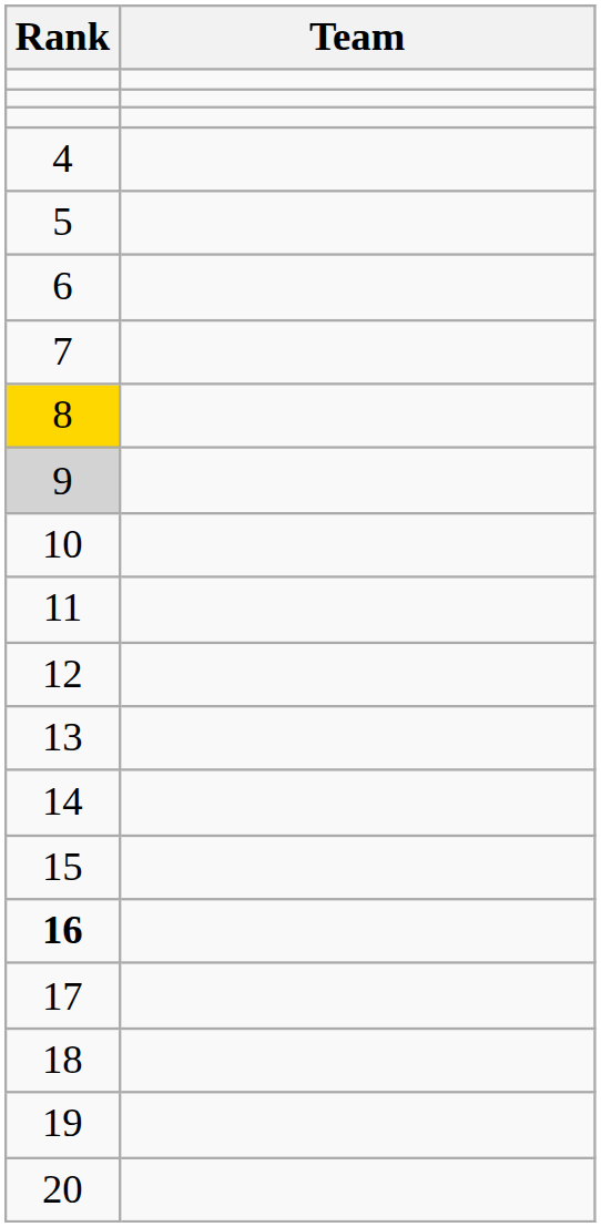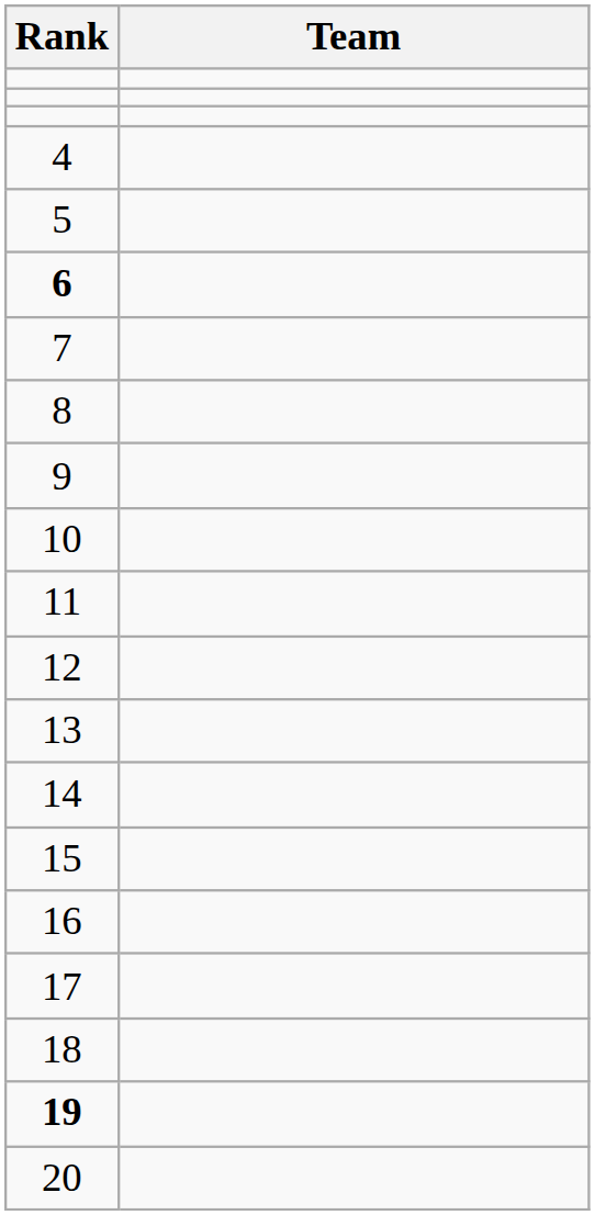 <table class=wikitable style="text-align:center;">
 <tr>
 <th>Rank</th>
 <th width=180>Team</th>
 </tr>
 <tr>
 <td></td>
 <td align=left></td>
 </tr>
 <tr>
 <td></td>
 <td align=left></td>
 </tr>
 <tr>
 <td></td>
 <td align=left></td>
 </tr>
 <tr>
 <td>4</td>
 <td align=left></td>
 </tr>
 <tr>
 <td>5</td>
 <td align=left></td>
 </tr>
 <tr>
-<td>6</td>
+<td><strong>6</strong></td>
 <td align=left></td>
 </tr>
 <tr>
 <td>7</td>
 <td align=left></td>
 </tr>
 <tr>
-<td style="background: gold;">8</td>
+<td>8</td>
 <td align=left></td>
 </tr>
 <tr>
-<td style="background: lightgrey;">9</td>
+<td>9</td>
 <td align=left></td>
 </tr>
 <tr>
 <td>10</td>
 <td align=left></td>
 </tr>
 <tr>
 <td>11</td>
 <td align=left></td>
 </tr>
 <tr>
 <td>12</td>
 <td align=left></td>
 </tr>
 <tr>
 <td>13</td>
 <td align=left></td>
 </tr>
 <tr>
 <td>14</td>
 <td align=left></td>
 </tr>
 <tr>
 <td>15</td>
 <td align=left></td>
 </tr>
 <tr>
-<td><strong>16</strong></td>
+<td>16</td>
 <td align=left></td>
 </tr>
 <tr>
 <td>17</td>
 <td align=left></td>
 </tr>
 <tr>
 <td>18</td>
 <td align=left></td>
 </tr>
 <tr>
-<td>19</td>
+<td><strong>19</strong></td>
 <td align=left></td>
 </tr>
 <tr>
 <td>20</td>
 <td align=left></td>
 </tr>
 </table>
